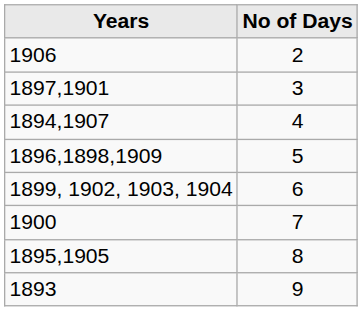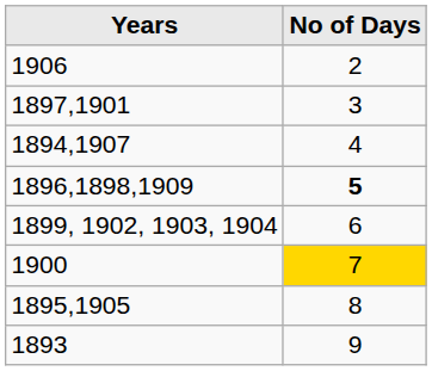 <table class="wikitable" style="float:left; margin-right:1em">
 <tr>
 <th style="background-color:#E9E9E9" align=center valign=top>Years</th>
 <th style="background-color:#E9E9E9" align=center>No of Days</th>
 </tr>
 <tr>
 <td align=left>1906</td>
 <td align=center>2</td>
 </tr>
 <tr>
 <td align=left>1897,1901</td>
 <td align=center>3</td>
 </tr>
 <tr>
 <td align=left>1894,1907</td>
 <td align=center>4</td>
 </tr>
 <tr>
 <td align=left>1896,1898,1909</td>
-<td align=center>5</td>
+<td align=center><strong>5</strong></td>
 </tr>
 <tr>
 <td align=left>1899, 1902, 1903, 1904</td>
 <td align=center>6</td>
 </tr>
 <tr>
 <td align=left>1900</td>
-<td align=center>7</td>
+<td align=center style="background: gold;">7</td>
 </tr>
 <tr>
 <td align=left>1895,1905</td>
 <td align=center>8</td>
 </tr>
 <tr>
 <td align=left>1893</td>
 <td align=center>9</td>
 </tr>
 </table>
